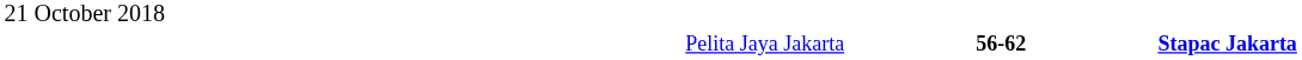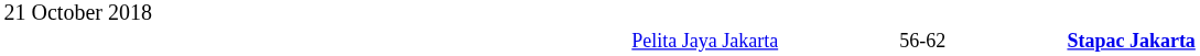 <table cellspacing="1" style="width:100%;">
 <tr>
 <td>21 October 2018</td>
 <td></td>
 </tr>
 <tr style="font-size:90%">
 <td align="right"><a href='#'>Pelita Jaya Jakarta</a></td>
 <td></td>
-<td align="center"><strong>56-62</strong></td>
+<td align="center">56-62</td>
 <td></td>
 <td><a href='#'><strong>Stapac Jakarta</strong></a></td>
 </tr>
 </table>
